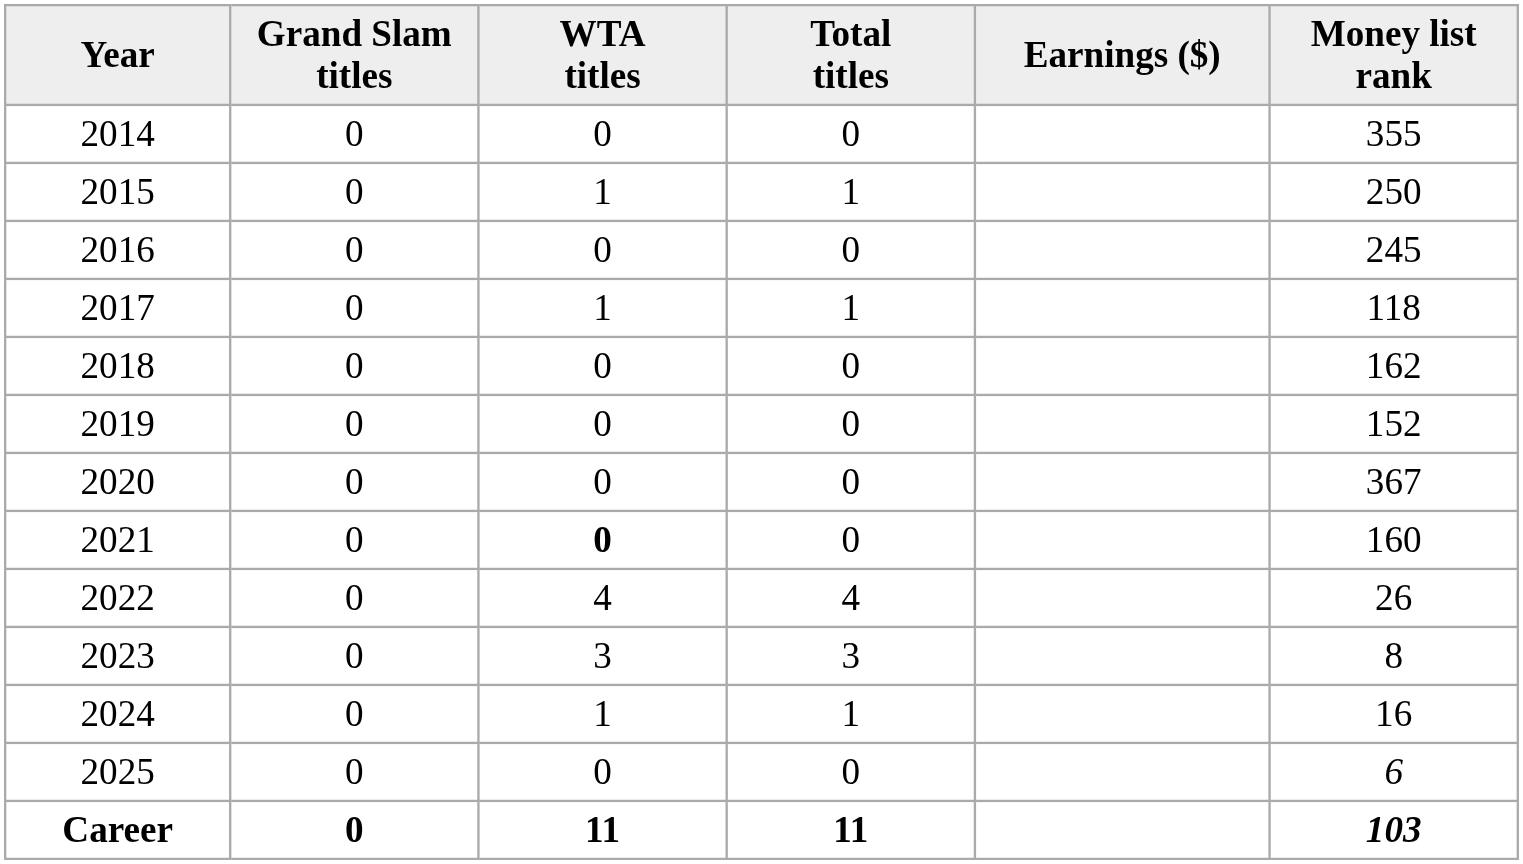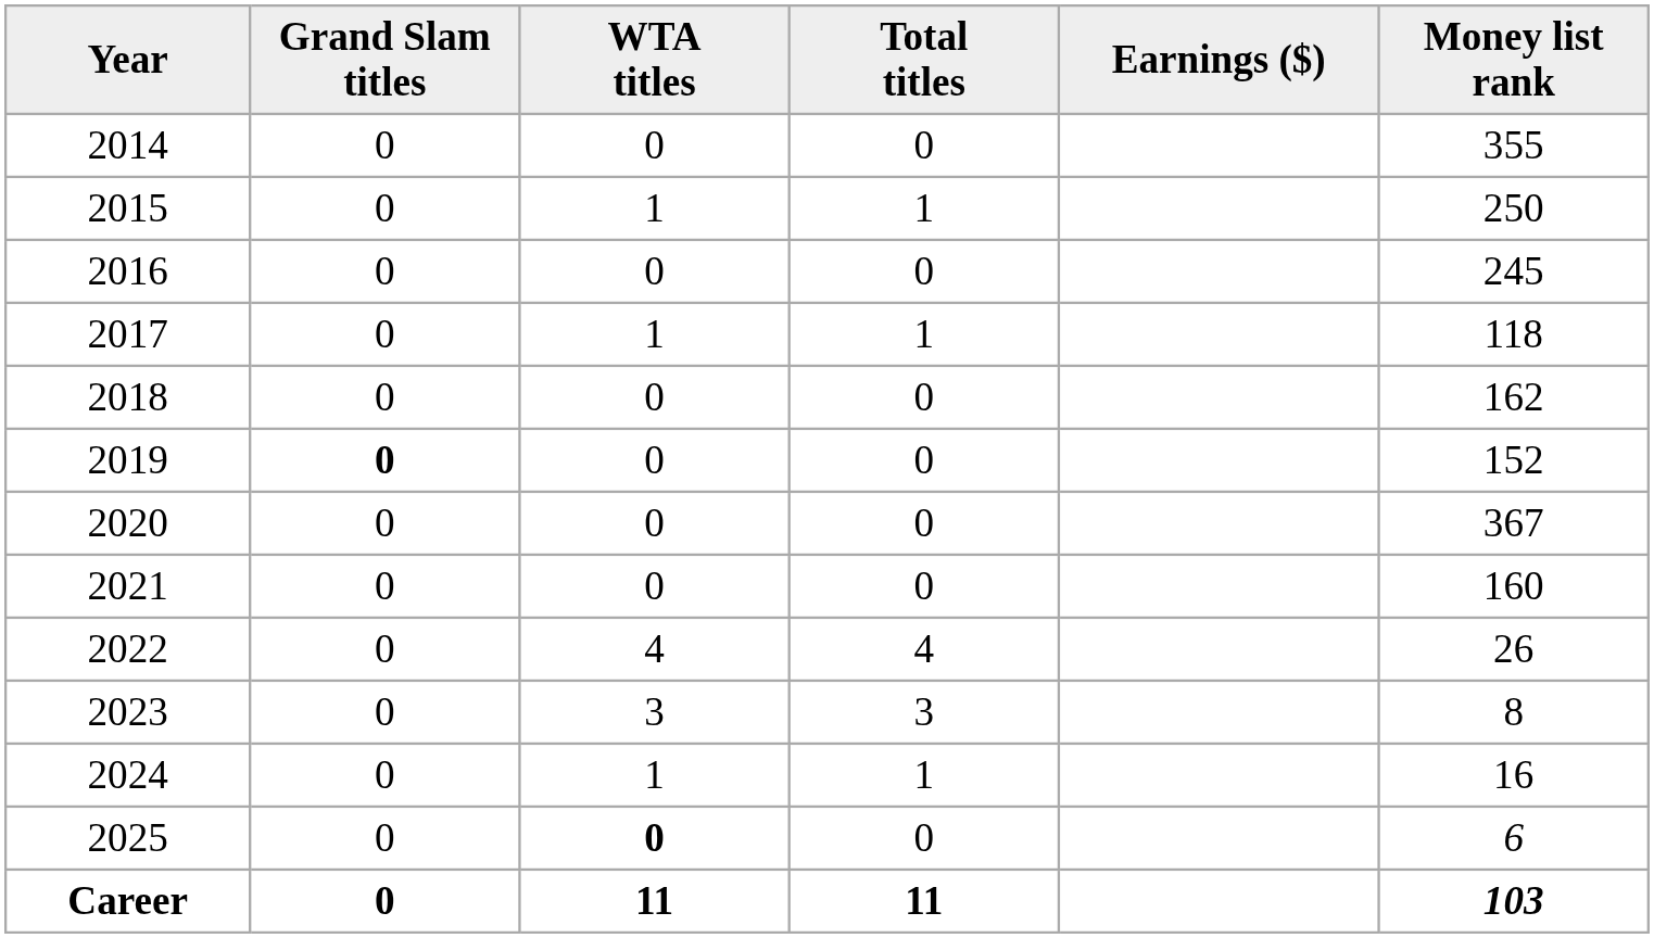 <table cellpadding=3 cellspacing=0 border=1 style=border:#aaa;solid:1px;border-collapse:collapse;text-align:center;>
 <tr style=background:#eee;font-weight:bold>
 <td width="90">Year</td>
 <td width="100">Grand Slam <br>titles</td>
 <td width="100">WTA <br>titles</td>
 <td width="100">Total <br>titles</td>
 <td width="120">Earnings ($)</td>
 <td width="100">Money list rank</td>
 </tr>
 <tr>
 <td>2014</td>
 <td>0</td>
 <td>0</td>
 <td>0</td>
 <td align="right"></td>
 <td>355</td>
 </tr>
 <tr>
 <td>2015</td>
 <td>0</td>
 <td>1</td>
 <td>1</td>
 <td align="right"></td>
 <td>250</td>
 </tr>
 <tr>
 <td>2016</td>
 <td>0</td>
 <td>0</td>
 <td>0</td>
 <td align="right"></td>
 <td>245</td>
 </tr>
 <tr>
 <td>2017</td>
 <td>0</td>
 <td>1</td>
 <td>1</td>
 <td align="right"></td>
 <td>118</td>
 </tr>
 <tr>
 <td>2018</td>
 <td>0</td>
 <td>0</td>
 <td>0</td>
 <td align="right"></td>
 <td>162</td>
 </tr>
 <tr>
 <td>2019</td>
-<td>0</td>
+<td><strong>0</strong></td>
 <td>0</td>
 <td>0</td>
 <td align="right"></td>
 <td>152</td>
 </tr>
 <tr>
 <td>2020</td>
 <td>0</td>
 <td>0</td>
 <td>0</td>
 <td align="right"></td>
 <td>367</td>
 </tr>
 <tr>
 <td>2021</td>
 <td>0</td>
-<td><strong>0</strong></td>
+<td>0</td>
 <td>0</td>
 <td align="right"></td>
 <td>160</td>
 </tr>
 <tr>
 <td>2022</td>
 <td>0</td>
 <td>4</td>
 <td>4</td>
 <td align=right></td>
 <td>26</td>
 </tr>
 <tr>
 <td>2023</td>
 <td>0</td>
 <td>3</td>
 <td>3</td>
 <td align=right></td>
 <td>8</td>
 </tr>
 <tr>
 <td>2024</td>
 <td>0</td>
 <td>1</td>
 <td>1</td>
 <td align=right></td>
 <td>16</td>
 </tr>
 <tr>
 <td>2025</td>
 <td>0</td>
-<td>0</td>
+<td><strong>0</strong></td>
 <td>0</td>
 <td align=right></td>
 <td><em>6</em></td>
 </tr>
 <tr style="font-weight:bold;">
 <td>Career</td>
 <td>0</td>
 <td>11</td>
 <td>11</td>
 <td align="right"></td>
 <td><em>103</em></td>
 </tr>
 </table>
